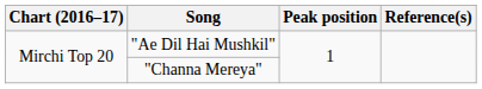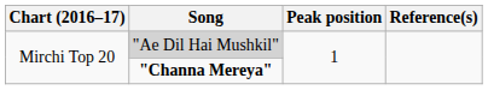 <table class="wikitable" style="text-align:center">
 <tr>
 <th scope="col">Chart (2016–17)</th>
 <th scope="col">Song</th>
 <th scope="col">Peak position</th>
 <th>Reference(s)</th>
 </tr>
 <tr>
 <td rowspan="2">Mirchi Top 20</td>
-<td>"Ae Dil Hai Mushkil"</td>
+<td style="background: lightgrey;">"Ae Dil Hai Mushkil"</td>
 <td rowspan="2">1</td>
 <td rowspan="2"></td>
 </tr>
 <tr>
-<td>"Channa Mereya"</td>
+<td><strong>"Channa Mereya"</strong></td>
 </tr>
 </table>
